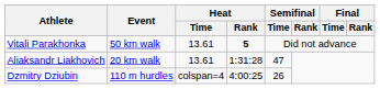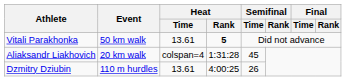 <table class=wikitable style=font-size:90%;>
 <tr>
 <th rowspan=2>Athlete</th>
 <th rowspan=2>Event</th>
 <th colspan=2>Heat</th>
 <th colspan=2>Semifinal</th>
 <th colspan=2>Final</th>
 </tr>
 <tr style=font-size:95%>
 <th>Time</th>
 <th>Rank</th>
 <th>Time</th>
 <th>Rank</th>
 <th>Time</th>
 <th>Rank</th>
 </tr>
 <tr align=center>
 <td align=left><a href='#'>Vitali Parakhonka</a></td>
 <td align=left><a href='#'>50 km walk</a></td>
 <td>13.61</td>
 <td><strong>5</strong></td>
 <td colspan=4>Did not advance</td>
 </tr>
 <tr align=center>
 <td align=left><a href='#'>Aliaksandr Liakhovich</a></td>
 <td align=left><a href='#'>20 km walk</a></td>
-<td>13.61</td>
+<td>colspan=4 </td>
 <td>1:31:28</td>
-<td>47</td>
+<td>45</td>
 </tr>
 <tr align=center>
 <td align=left><a href='#'>Dzmitry Dziubin</a></td>
 <td align=left><a href='#'>110 m hurdles</a></td>
-<td>colspan=4 </td>
+<td>13.61</td>
 <td>4:00:25</td>
 <td>26</td>
 </tr>
 </table>
